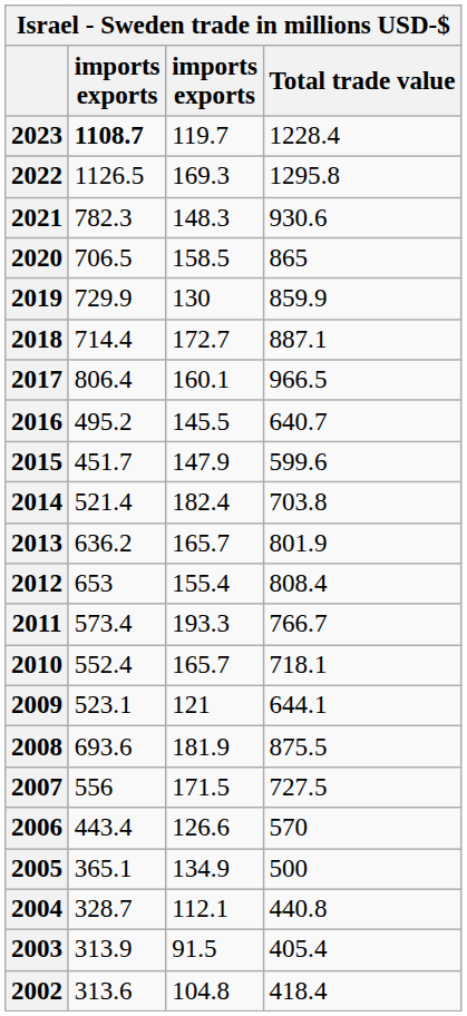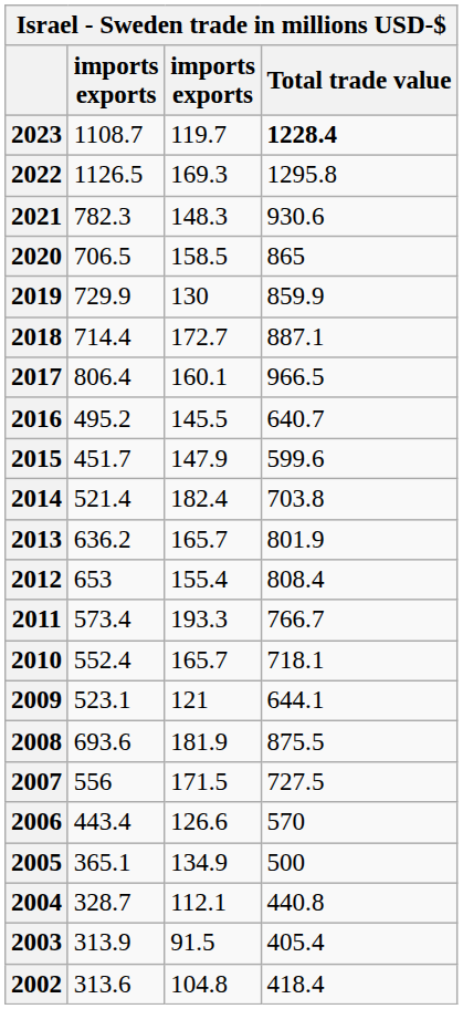 <table class="wikitable mw-collapsible mw-collapsed">
 <tr>
 <th colspan="4">Israel - Sweden trade in millions USD-$</th>
 </tr>
 <tr>
 <th></th>
 <th> imports<br> exports</th>
 <th> imports<br> exports</th>
 <th>Total trade value</th>
 </tr>
 <tr>
 <th>2023</th>
-<td><strong>1108.7</strong></td>
+<td>1108.7</td>
 <td>119.7</td>
-<td>1228.4</td>
+<td><strong>1228.4</strong></td>
 </tr>
 <tr>
 <th>2022</th>
 <td>1126.5</td>
 <td>169.3</td>
 <td>1295.8</td>
 </tr>
 <tr>
 <th>2021</th>
 <td>782.3</td>
 <td>148.3</td>
 <td>930.6</td>
 </tr>
 <tr>
 <th>2020</th>
 <td>706.5</td>
 <td>158.5</td>
 <td>865</td>
 </tr>
 <tr>
 <th>2019</th>
 <td>729.9</td>
 <td>130</td>
 <td>859.9</td>
 </tr>
 <tr>
 <th>2018</th>
 <td>714.4</td>
 <td>172.7</td>
 <td>887.1</td>
 </tr>
 <tr>
 <th>2017</th>
 <td>806.4</td>
 <td>160.1</td>
 <td>966.5</td>
 </tr>
 <tr>
 <th>2016</th>
 <td>495.2</td>
 <td>145.5</td>
 <td>640.7</td>
 </tr>
 <tr>
 <th>2015</th>
 <td>451.7</td>
 <td>147.9</td>
 <td>599.6</td>
 </tr>
 <tr>
 <th>2014</th>
 <td>521.4</td>
 <td>182.4</td>
 <td>703.8</td>
 </tr>
 <tr>
 <th>2013</th>
 <td>636.2</td>
 <td>165.7</td>
 <td>801.9</td>
 </tr>
 <tr>
 <th>2012</th>
 <td>653</td>
 <td>155.4</td>
 <td>808.4</td>
 </tr>
 <tr>
 <th>2011</th>
 <td>573.4</td>
 <td>193.3</td>
 <td>766.7</td>
 </tr>
 <tr>
 <th>2010</th>
 <td>552.4</td>
 <td>165.7</td>
 <td>718.1</td>
 </tr>
 <tr>
 <th>2009</th>
 <td>523.1</td>
 <td>121</td>
 <td>644.1</td>
 </tr>
 <tr>
 <th>2008</th>
 <td>693.6</td>
 <td>181.9</td>
 <td>875.5</td>
 </tr>
 <tr>
 <th>2007</th>
 <td>556</td>
 <td>171.5</td>
 <td>727.5</td>
 </tr>
 <tr>
 <th>2006</th>
 <td>443.4</td>
 <td>126.6</td>
 <td>570</td>
 </tr>
 <tr>
 <th>2005</th>
 <td>365.1</td>
 <td>134.9</td>
 <td>500</td>
 </tr>
 <tr>
 <th>2004</th>
 <td>328.7</td>
 <td>112.1</td>
 <td>440.8</td>
 </tr>
 <tr>
 <th>2003</th>
 <td>313.9</td>
 <td>91.5</td>
 <td>405.4</td>
 </tr>
 <tr>
 <th>2002</th>
 <td>313.6</td>
 <td>104.8</td>
 <td>418.4</td>
 </tr>
 </table>
